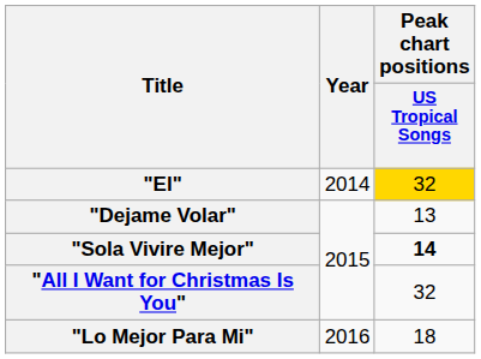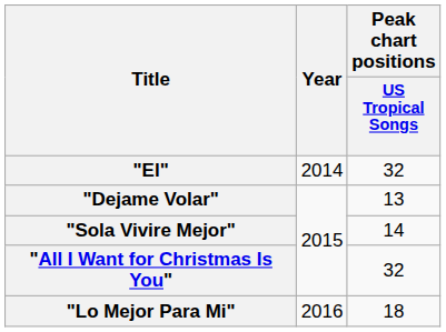 <table class="wikitable plainrowheaders" style="text-align:center;">
 <tr>
 <th rowspan="2" scope="col" style="width:15em;">Title</th>
 <th rowspan="2" scope="col">Year</th>
 <th scope="col">Peak chart positions</th>
 </tr>
 <tr>
 <th style="width:3em;font-size:85%"><a href='#'>US Tropical Songs</a><br><br></th>
 </tr>
 <tr>
 <th scope="row">"El"</th>
 <td>2014</td>
-<td style="background: gold;">32</td>
+<td>32</td>
 </tr>
 <tr>
 <th scope="row">"Dejame Volar"</th>
 <td rowspan="3">2015</td>
 <td>13</td>
 </tr>
 <tr>
 <th scope="row">"Sola Vivire Mejor"</th>
-<td><strong>14</strong></td>
+<td>14</td>
 </tr>
 <tr>
 <th scope="row">"<a href='#'>All I Want for Christmas Is You</a>"</th>
 <td>32</td>
 </tr>
 <tr>
 <th scope="row">"Lo Mejor Para Mi"</th>
 <td>2016</td>
 <td>18</td>
 </tr>
 </table>
